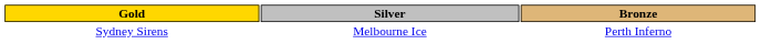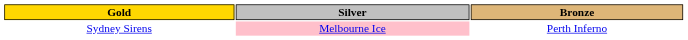 <table class="toccolours" align="center" style="width:60em;text-align: center">
 <tr>
 <th style="background:Gold;color:black;border:#000000 1px solid">Gold</th>
 <th style="background:Silver;color:black;border:#000000 1px solid">Silver</th>
 <th style="background:#deb678;color:black;border:#000000 1px solid">Bronze</th>
 </tr>
 <tr>
 <td> <a href='#'>Sydney Sirens</a></td>
-<td> <a href='#'>Melbourne Ice</a></td>
+<td style="background: pink;"> <a href='#'>Melbourne Ice</a></td>
 <td> <a href='#'>Perth Inferno</a></td>
 </tr>
 <tr>
 </tr>
 </table>
